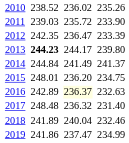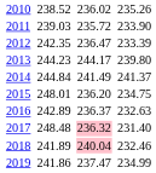 <table>
 <tr>
 <td><a href='#'>2010</a></td>
 <td></td>
 <td>238.52</td>
 <td></td>
 <td>236.02</td>
 <td></td>
 <td>235.26</td>
 </tr>
 <tr>
 <td><a href='#'>2011</a></td>
 <td></td>
 <td>239.03</td>
 <td></td>
 <td>235.72</td>
 <td></td>
 <td>233.90</td>
 </tr>
 <tr>
 <td><a href='#'>2012</a></td>
 <td></td>
 <td>242.35</td>
 <td></td>
 <td>236.47</td>
 <td></td>
 <td>233.39</td>
 </tr>
 <tr>
 <td><a href='#'>2013</a></td>
 <td></td>
-<td><strong>244.23</strong></td>
+<td>244.23</td>
 <td></td>
 <td>244.17</td>
 <td></td>
 <td>239.80</td>
 </tr>
 <tr>
 <td><a href='#'>2014</a></td>
 <td></td>
 <td>244.84</td>
 <td></td>
 <td>241.49</td>
 <td></td>
 <td>241.37</td>
 </tr>
 <tr>
 <td><a href='#'>2015</a></td>
 <td></td>
 <td>248.01</td>
 <td></td>
 <td>236.20</td>
 <td></td>
 <td>234.75</td>
 </tr>
 <tr>
 <td><a href='#'>2016</a></td>
 <td></td>
 <td>242.89</td>
 <td></td>
-<td style="background: lightyellow;">236.37</td>
+<td>236.37</td>
 <td></td>
 <td>232.63</td>
 </tr>
 <tr>
 <td><a href='#'>2017</a></td>
 <td></td>
 <td>248.48</td>
 <td></td>
-<td>236.32</td>
+<td style="background: pink;">236.32</td>
 <td></td>
 <td>231.40</td>
 </tr>
 <tr>
 <td><a href='#'>2018</a></td>
 <td></td>
 <td>241.89</td>
 <td></td>
-<td>240.04</td>
+<td style="background: pink;">240.04</td>
 <td></td>
 <td>232.46</td>
 </tr>
 <tr>
 <td><a href='#'>2019</a></td>
 <td></td>
 <td>241.86</td>
 <td></td>
 <td>237.47</td>
 <td></td>
 <td>234.99</td>
 </tr>
 </table>
